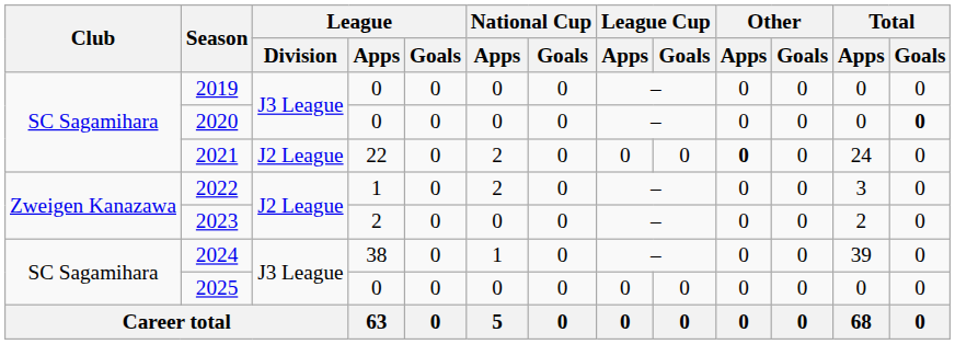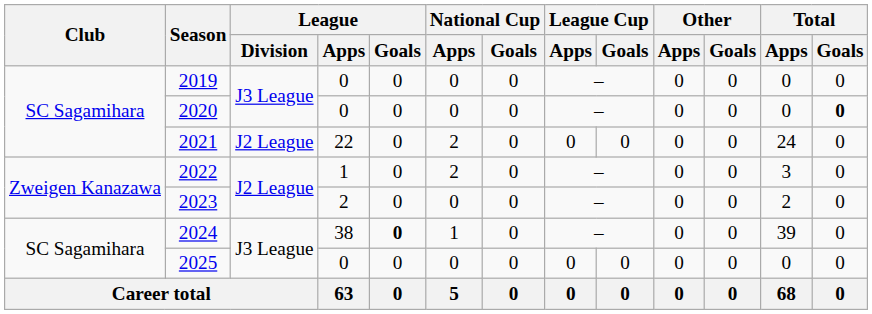 <table class="wikitable" style="text-align: center">
 <tr>
 <th rowspan="2">Club</th>
 <th rowspan="2">Season</th>
 <th colspan="3">League</th>
 <th colspan="2">National Cup</th>
 <th colspan="2">League Cup</th>
 <th colspan="2">Other</th>
 <th colspan="2">Total</th>
 </tr>
 <tr>
 <th>Division</th>
 <th>Apps</th>
 <th>Goals</th>
 <th>Apps</th>
 <th>Goals</th>
 <th>Apps</th>
 <th>Goals</th>
 <th>Apps</th>
 <th>Goals</th>
 <th>Apps</th>
 <th>Goals</th>
 </tr>
 <tr>
 <td rowspan="3"><a href='#'>SC Sagamihara</a></td>
 <td><a href='#'>2019</a></td>
 <td rowspan="2"><a href='#'>J3 League</a></td>
 <td>0</td>
 <td>0</td>
 <td>0</td>
 <td>0</td>
 <td colspan="2">–</td>
 <td>0</td>
 <td>0</td>
 <td>0</td>
 <td>0</td>
 </tr>
 <tr>
 <td><a href='#'>2020</a></td>
 <td>0</td>
 <td>0</td>
 <td>0</td>
 <td>0</td>
 <td colspan="2">–</td>
 <td>0</td>
 <td>0</td>
 <td>0</td>
 <td><strong>0</strong></td>
 </tr>
 <tr>
 <td><a href='#'>2021</a></td>
 <td><a href='#'>J2 League</a></td>
 <td>22</td>
 <td>0</td>
 <td>2</td>
 <td>0</td>
 <td>0</td>
 <td>0</td>
-<td><strong>0</strong></td>
+<td>0</td>
 <td>0</td>
 <td>24</td>
 <td>0</td>
 </tr>
 <tr>
 <td rowspan="2"><a href='#'>Zweigen Kanazawa</a></td>
 <td><a href='#'>2022</a></td>
 <td rowspan="2"><a href='#'>J2 League</a></td>
 <td>1</td>
 <td>0</td>
 <td>2</td>
 <td>0</td>
 <td colspan="2">–</td>
 <td>0</td>
 <td>0</td>
 <td>3</td>
 <td>0</td>
 </tr>
 <tr>
 <td><a href='#'>2023</a></td>
 <td>2</td>
 <td>0</td>
 <td>0</td>
 <td>0</td>
 <td colspan="2">–</td>
 <td>0</td>
 <td>0</td>
 <td>2</td>
 <td>0</td>
 </tr>
 <tr>
 <td rowspan="2">SC Sagamihara</td>
 <td><a href='#'>2024</a></td>
 <td rowspan="2">J3 League</td>
 <td>38</td>
-<td>0</td>
+<td><strong>0</strong></td>
 <td>1</td>
 <td>0</td>
 <td colspan="2">–</td>
 <td>0</td>
 <td>0</td>
 <td>39</td>
 <td>0</td>
 </tr>
 <tr>
 <td><a href='#'>2025</a></td>
 <td>0</td>
 <td>0</td>
 <td>0</td>
 <td>0</td>
 <td>0</td>
 <td>0</td>
 <td>0</td>
 <td>0</td>
 <td>0</td>
 <td>0</td>
 </tr>
 <tr>
 <th colspan=3>Career total</th>
 <th>63</th>
 <th>0</th>
 <th>5</th>
 <th>0</th>
 <th>0</th>
 <th>0</th>
 <th>0</th>
 <th>0</th>
 <th>68</th>
 <th>0</th>
 </tr>
 </table>
